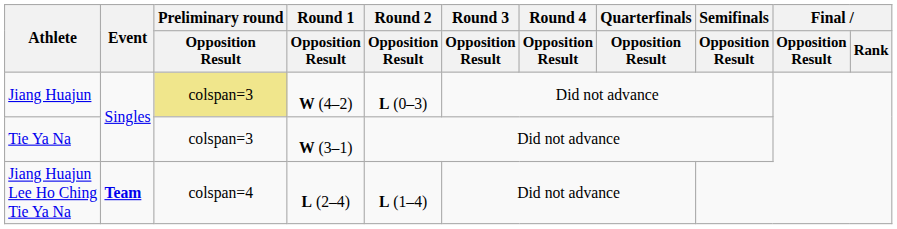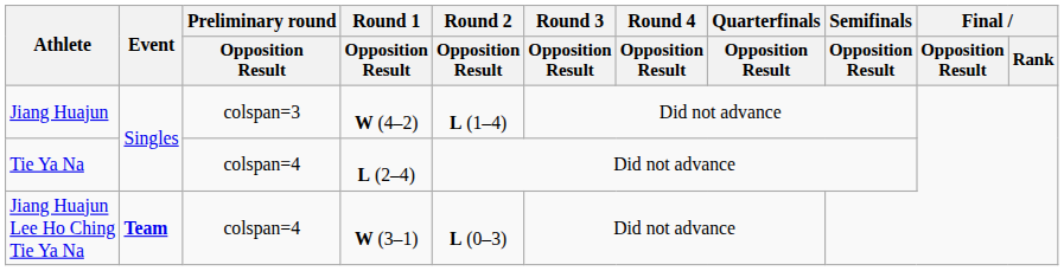 <table class="wikitable" style="font-size:90%">
 <tr>
 <th rowspan=2>Athlete</th>
 <th rowspan=2>Event</th>
 <th>Preliminary round</th>
 <th>Round 1</th>
 <th>Round 2</th>
 <th>Round 3</th>
 <th>Round 4</th>
 <th>Quarterfinals</th>
 <th>Semifinals</th>
 <th colspan=2>Final / </th>
 </tr>
 <tr style="font-size:95%">
 <th>Opposition<br>Result</th>
 <th>Opposition<br>Result</th>
 <th>Opposition<br>Result</th>
 <th>Opposition<br>Result</th>
 <th>Opposition<br>Result</th>
 <th>Opposition<br>Result</th>
 <th>Opposition<br>Result</th>
 <th>Opposition<br>Result</th>
 <th>Rank</th>
 </tr>
 <tr align=center>
 <td align=left><a href='#'>Jiang Huajun</a></td>
 <td align=left rowspan=2><a href='#'>Singles</a></td>
-<td style="background: khaki;">colspan=3 </td>
+<td>colspan=3 </td>
 <td><br> <strong>W</strong> (4–2)</td>
-<td><br> <strong>L</strong> (0–3)</td>
+<td><br> <strong>L</strong> (1–4)</td>
 <td colspan=4>Did not advance</td>
 </tr>
 <tr align=center>
 <td align=left><a href='#'>Tie Ya Na</a></td>
-<td>colspan=3 </td>
-<td><br> <strong>W</strong> (3–1)</td>
+<td>colspan=4 </td>
+<td><br> <strong>L</strong> (2–4)</td>
 <td colspan=5>Did not advance</td>
 </tr>
 <tr align=center>
 <td align=left><a href='#'>Jiang Huajun</a><br><a href='#'>Lee Ho Ching</a><br><a href='#'>Tie Ya Na</a></td>
 <td align=left><strong><a href='#'>Team</a></strong></td>
 <td>colspan=4 </td>
-<td><br> <strong>L</strong> (2–4)</td>
-<td><br> <strong>L</strong> (1–4)</td>
+<td><br> <strong>W</strong> (3–1)</td>
+<td><br> <strong>L</strong> (0–3)</td>
 <td colspan=3>Did not advance</td>
 </tr>
 </table>
